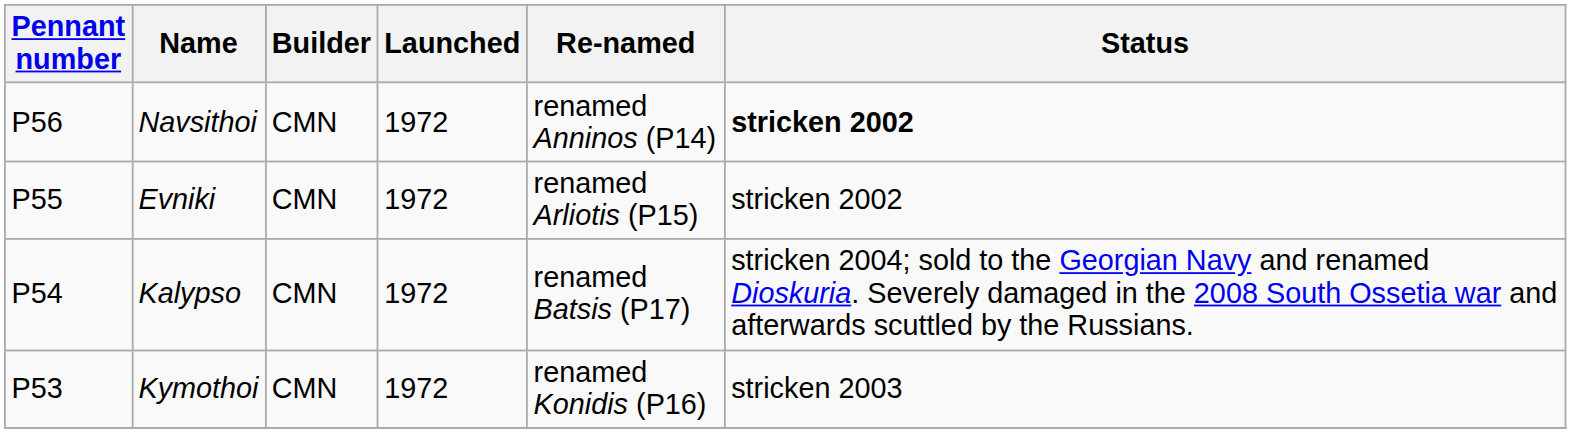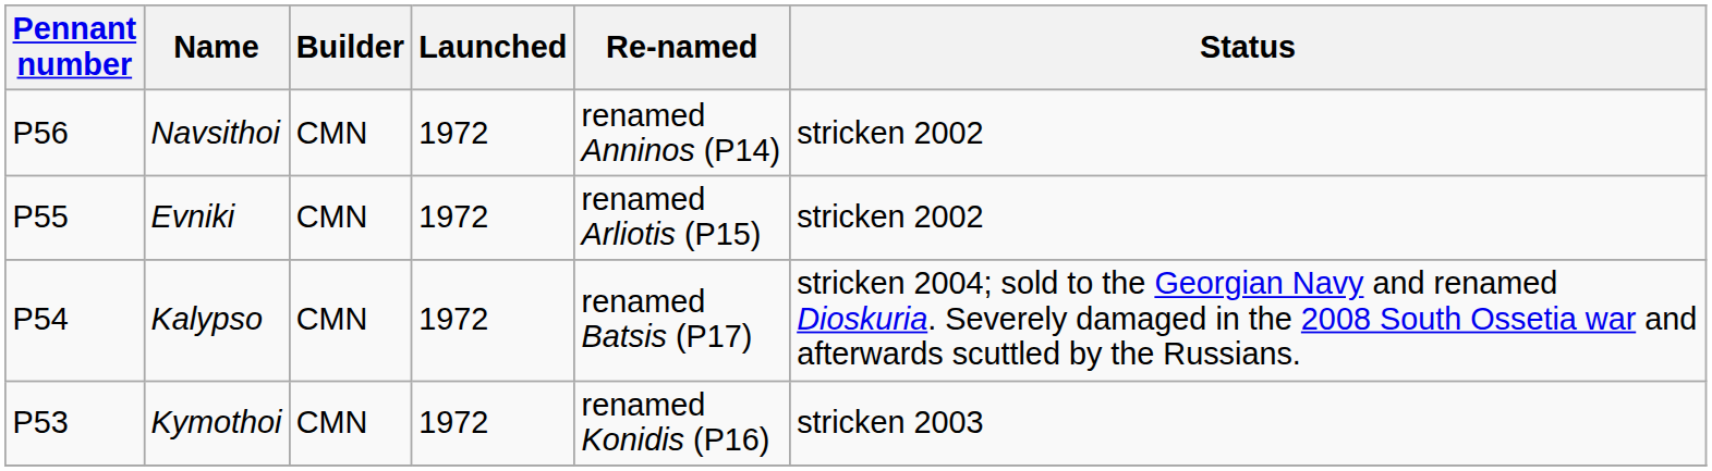 <table class="wikitable">
 <tr>
 <th><a href='#'>Pennant<br>number</a></th>
 <th>Name</th>
 <th>Builder</th>
 <th>Launched</th>
 <th>Re-named</th>
 <th>Status</th>
 </tr>
 <tr>
 <td>P56</td>
 <td><em>Navsithoi</em></td>
 <td>CMN</td>
 <td>1972</td>
 <td>renamed <em>Anninos</em> (P14)</td>
-<td><strong>stricken 2002</strong></td>
+<td>stricken 2002</td>
 </tr>
 <tr>
 <td>P55</td>
 <td><em>Evniki</em></td>
 <td>CMN</td>
 <td>1972</td>
 <td>renamed <em>Arliotis</em> (P15)</td>
 <td>stricken 2002</td>
 </tr>
 <tr>
 <td>P54</td>
 <td><em>Kalypso</em></td>
 <td>CMN</td>
 <td>1972</td>
 <td>renamed <em>Batsis</em> (P17)</td>
 <td>stricken 2004; sold to the <a href='#'>Georgian Navy</a> and renamed <em><a href='#'>Dioskuria</a></em>. Severely damaged in the <a href='#'>2008 South Ossetia war</a> and afterwards scuttled by the Russians.</td>
 </tr>
 <tr>
 <td>P53</td>
 <td><em>Kymothoi</em></td>
 <td>CMN</td>
 <td>1972</td>
 <td>renamed <em>Konidis</em> (P16)</td>
 <td>stricken 2003</td>
 </tr>
 <tr>
 </tr>
 </table>
